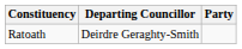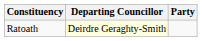 <table class="wikitable sortable">
 <tr>
 <th>Constituency</th>
 <th>Departing Councillor</th>
 <th colspan="2">Party</th>
 </tr>
 <tr>
 <td>Ratoath</td>
-<td>Deirdre Geraghty-Smith</td>
+<td style="background: lightyellow;">Deirdre Geraghty-Smith</td>
 <td></td>
 </tr>
 </table>
